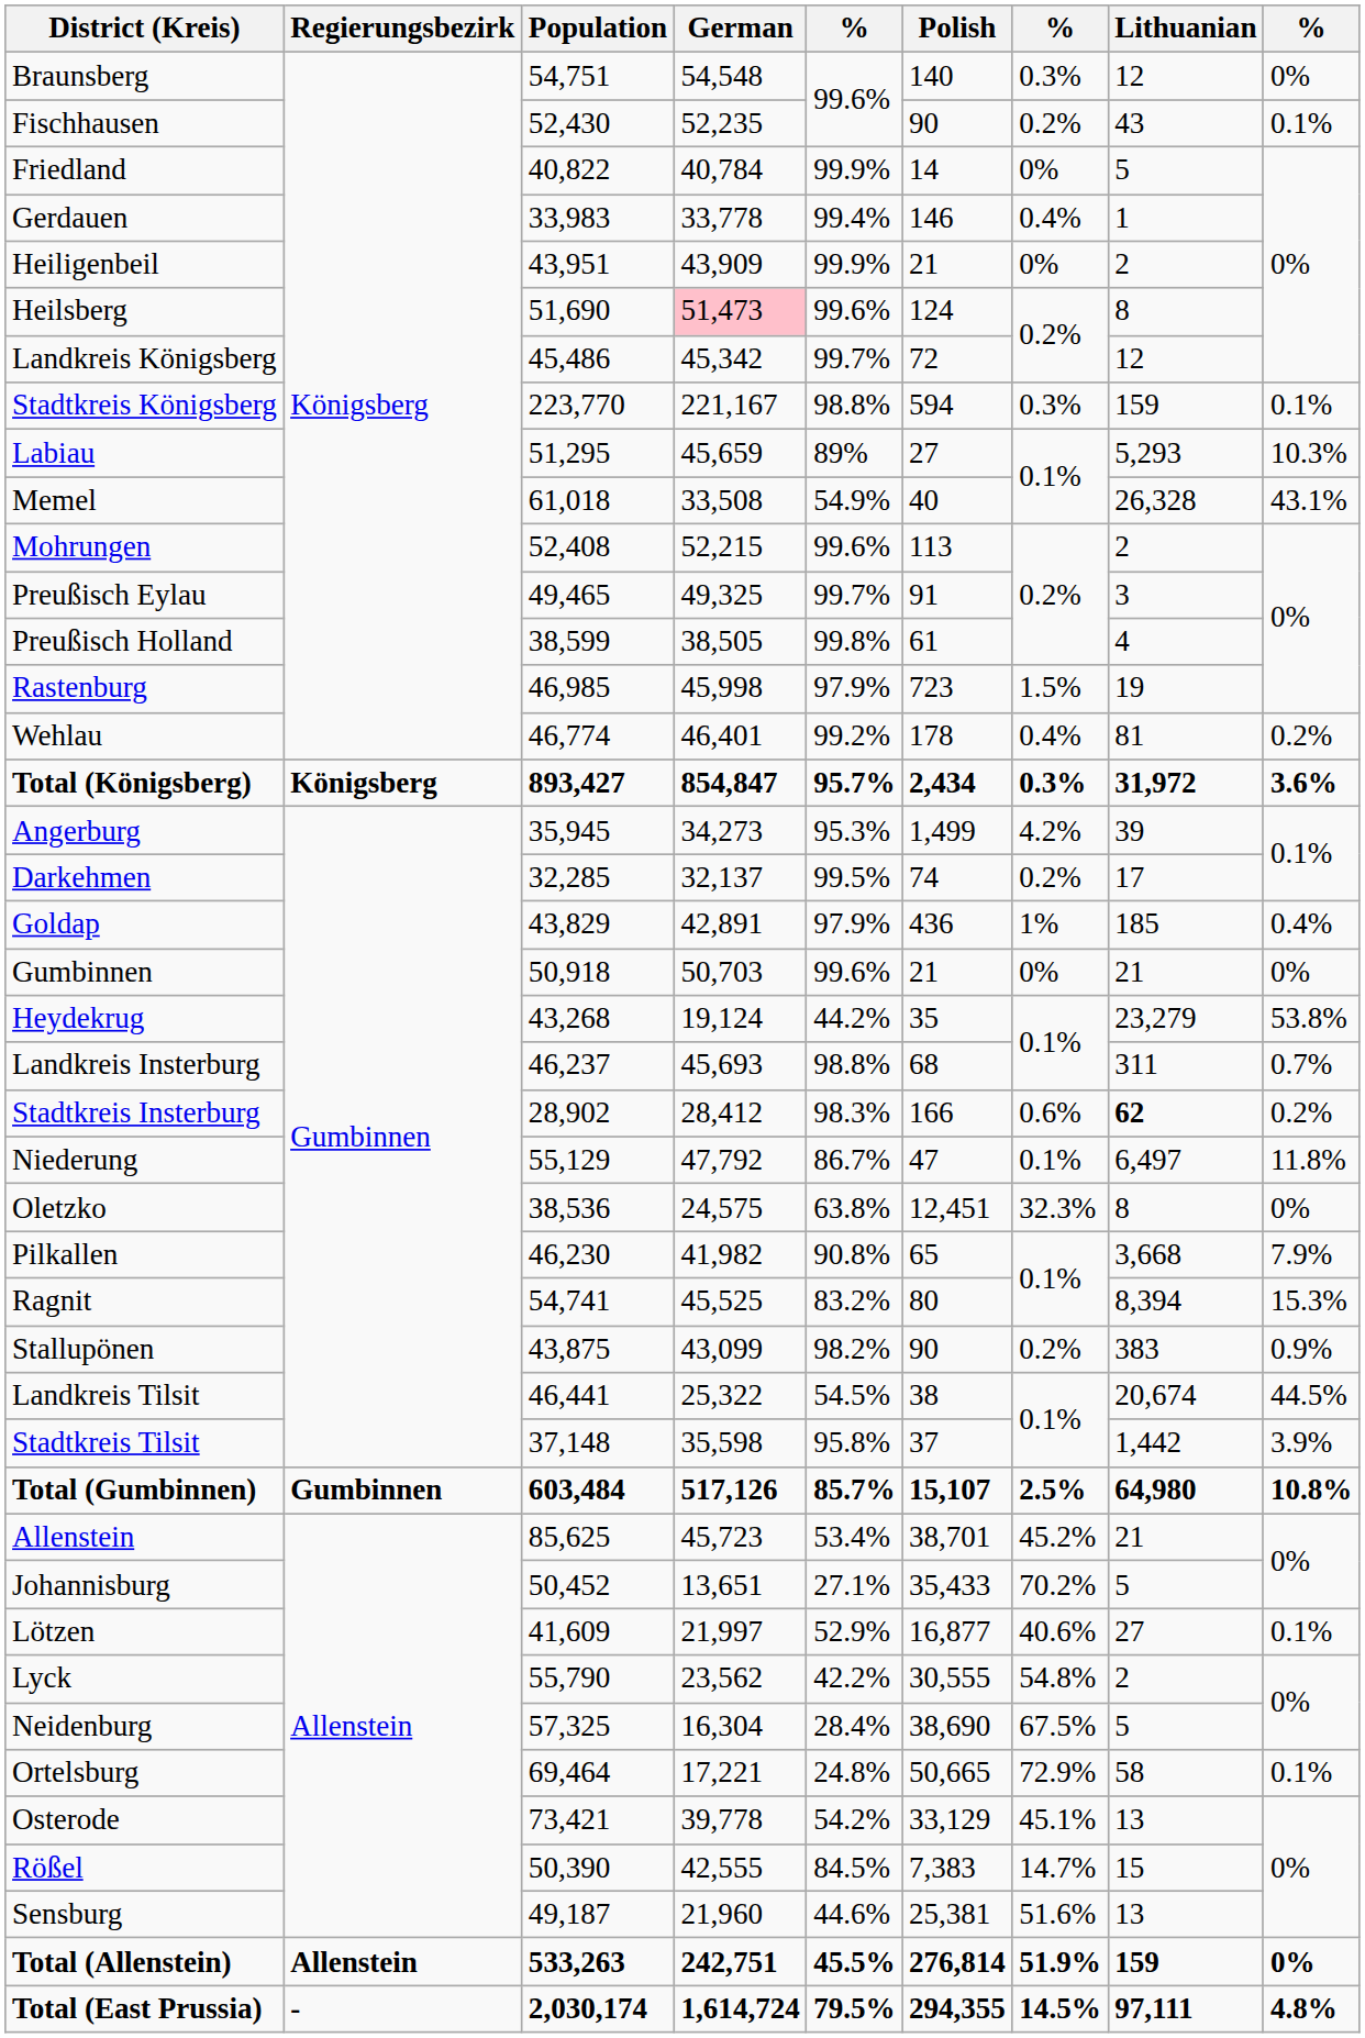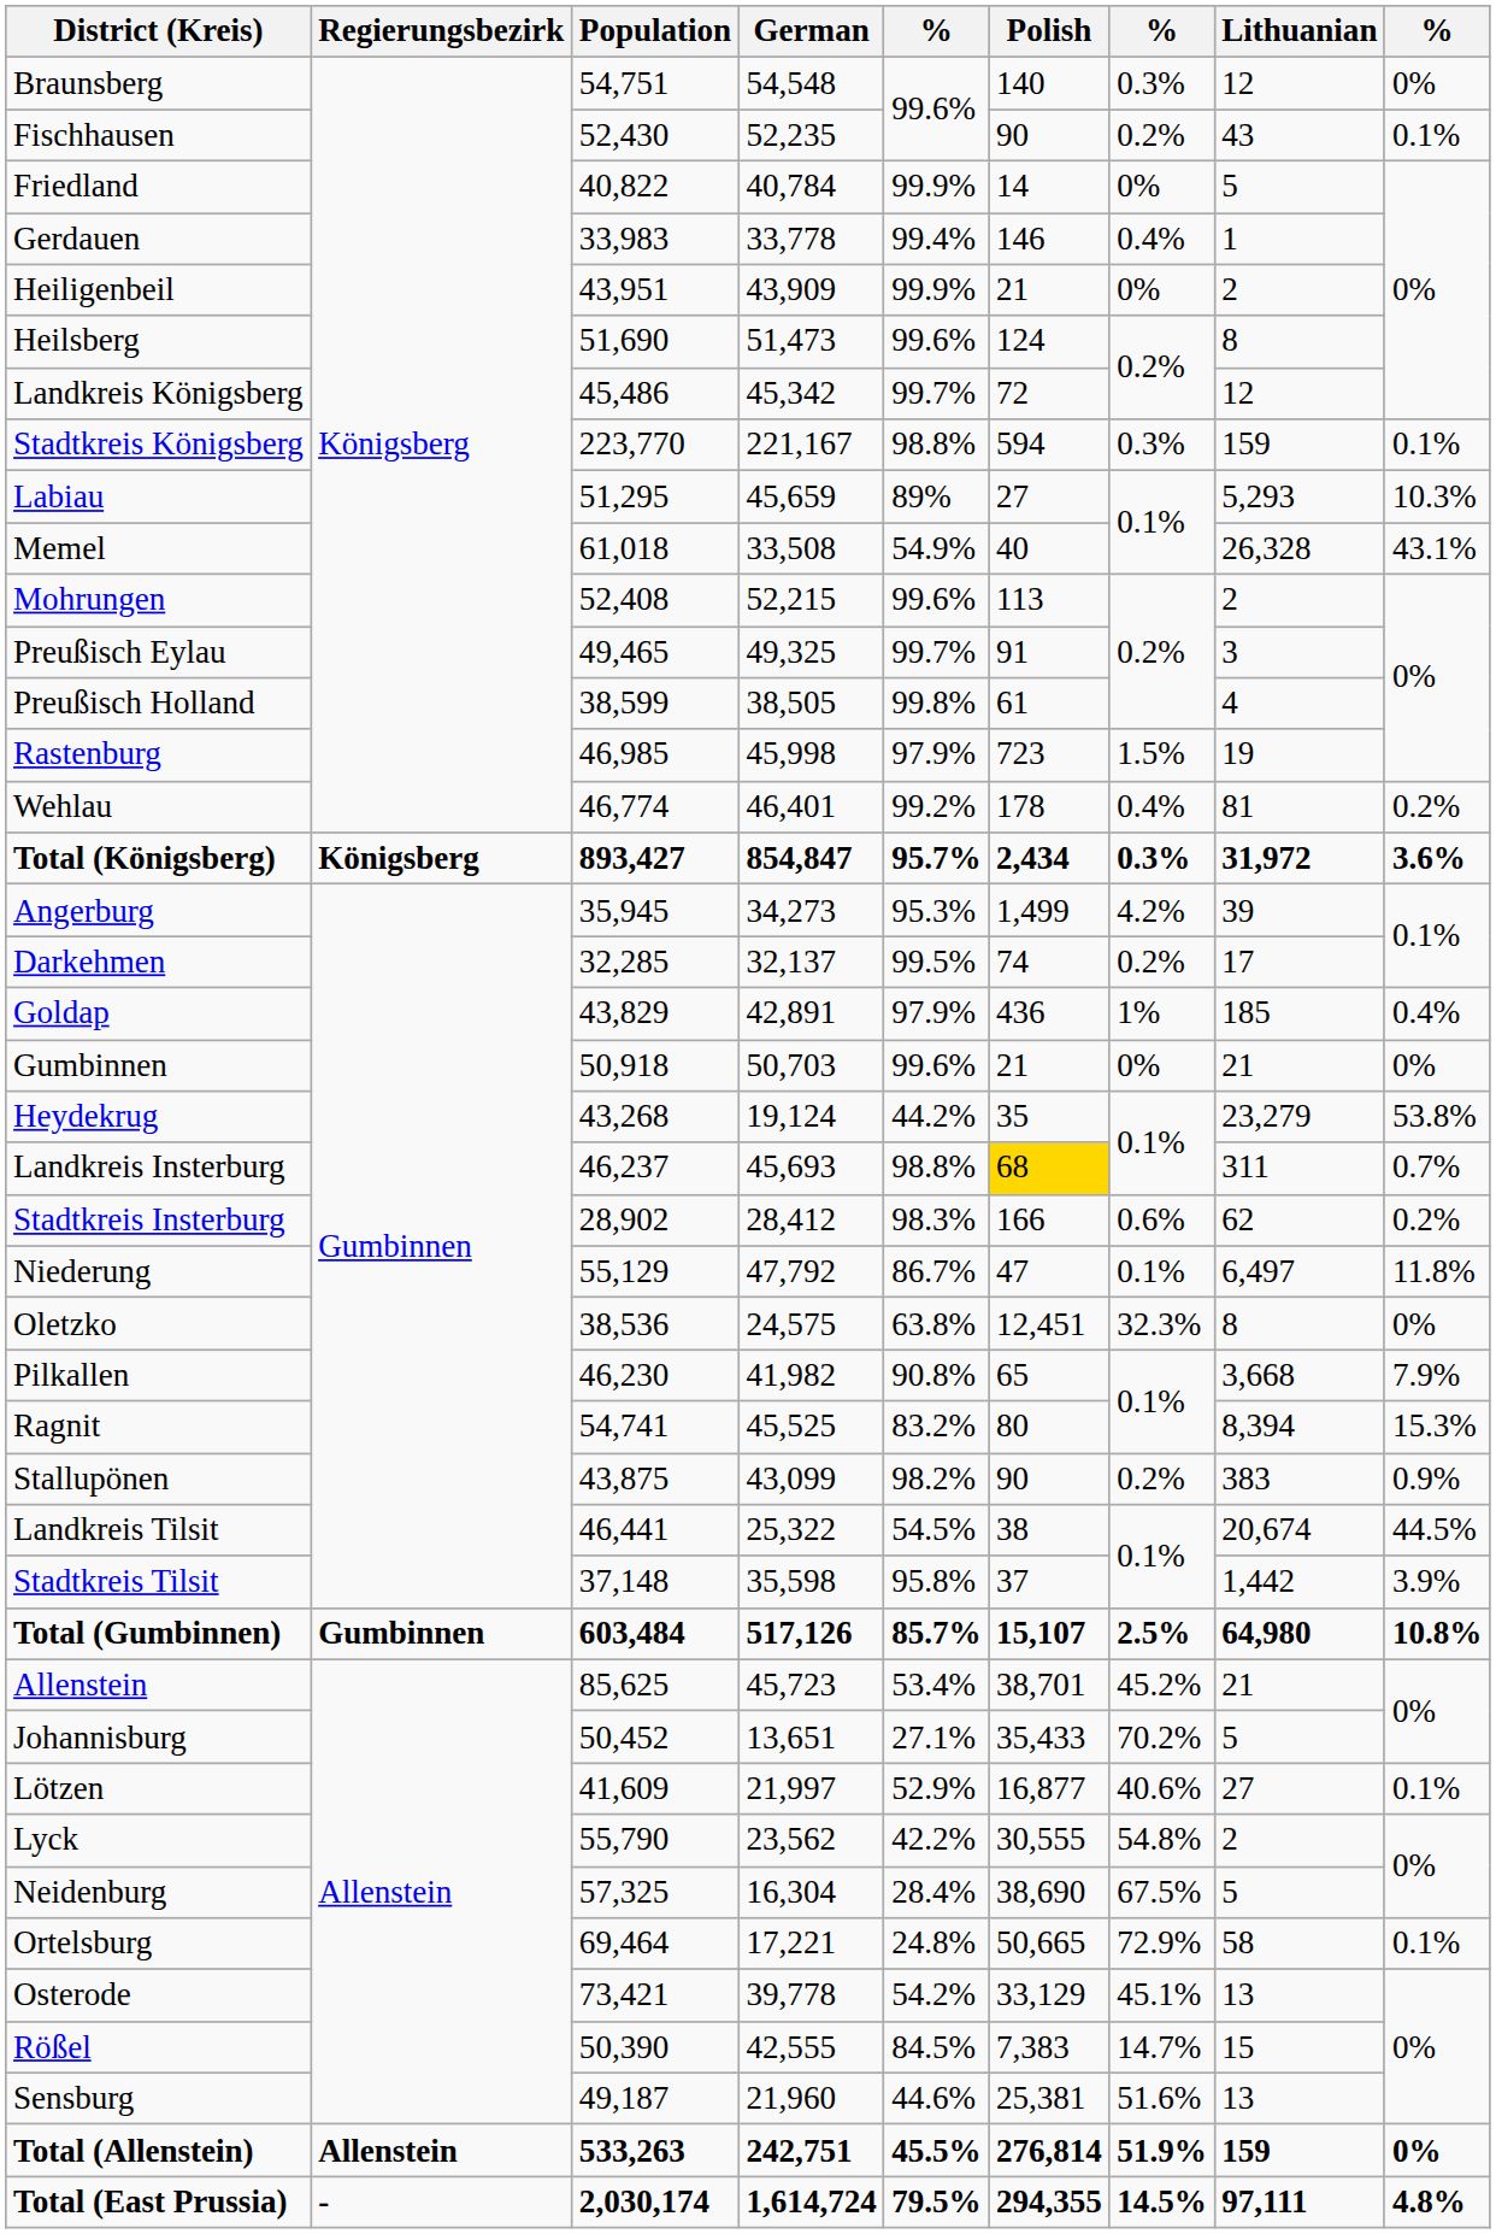 <table class="wikitable sortable">
 <tr>
 <th>District (Kreis)</th>
 <th>Regierungsbezirk</th>
 <th>Population</th>
 <th>German</th>
 <th>%</th>
 <th>Polish</th>
 <th>%</th>
 <th>Lithuanian</th>
 <th>%</th>
 </tr>
 <tr>
 <td>Braunsberg</td>
 <td rowspan="15"><a href='#'>Königsberg</a></td>
 <td>54,751</td>
 <td>54,548</td>
 <td rowspan="2">99.6%</td>
 <td>140</td>
 <td>0.3%</td>
 <td>12</td>
 <td>0%</td>
 </tr>
 <tr>
 <td>Fischhausen</td>
 <td>52,430</td>
 <td>52,235</td>
 <td>90</td>
 <td>0.2%</td>
 <td>43</td>
 <td>0.1%</td>
 </tr>
 <tr>
 <td>Friedland</td>
 <td>40,822</td>
 <td>40,784</td>
 <td>99.9%</td>
 <td>14</td>
 <td>0%</td>
 <td>5</td>
 <td rowspan="5">0%</td>
 </tr>
 <tr>
 <td>Gerdauen</td>
 <td>33,983</td>
 <td>33,778</td>
 <td>99.4%</td>
 <td>146</td>
 <td>0.4%</td>
 <td>1</td>
 </tr>
 <tr>
 <td>Heiligenbeil</td>
 <td>43,951</td>
 <td>43,909</td>
 <td>99.9%</td>
 <td>21</td>
 <td>0%</td>
 <td>2</td>
 </tr>
 <tr>
 <td>Heilsberg</td>
 <td>51,690</td>
-<td style="background: pink;">51,473</td>
+<td>51,473</td>
 <td>99.6%</td>
 <td>124</td>
 <td rowspan="2">0.2%</td>
 <td>8</td>
 </tr>
 <tr>
 <td>Landkreis Königsberg</td>
 <td>45,486</td>
 <td>45,342</td>
 <td>99.7%</td>
 <td>72</td>
 <td>12</td>
 </tr>
 <tr>
 <td><a href='#'>Stadtkreis Königsberg</a></td>
 <td>223,770</td>
 <td>221,167</td>
 <td>98.8%</td>
 <td>594</td>
 <td>0.3%</td>
 <td>159</td>
 <td>0.1%</td>
 </tr>
 <tr>
 <td><a href='#'>Labiau</a></td>
 <td>51,295</td>
 <td>45,659</td>
 <td>89%</td>
 <td>27</td>
 <td rowspan="2">0.1%</td>
 <td>5,293</td>
 <td>10.3%</td>
 </tr>
 <tr>
 <td>Memel</td>
 <td>61,018</td>
 <td>33,508</td>
 <td>54.9%</td>
 <td>40</td>
 <td>26,328</td>
 <td>43.1%</td>
 </tr>
 <tr>
 <td><a href='#'>Mohrungen</a></td>
 <td>52,408</td>
 <td>52,215</td>
 <td>99.6%</td>
 <td>113</td>
 <td rowspan="3">0.2%</td>
 <td>2</td>
 <td rowspan="4">0%</td>
 </tr>
 <tr>
 <td>Preußisch Eylau</td>
 <td>49,465</td>
 <td>49,325</td>
 <td>99.7%</td>
 <td>91</td>
 <td>3</td>
 </tr>
 <tr>
 <td>Preußisch Holland</td>
 <td>38,599</td>
 <td>38,505</td>
 <td>99.8%</td>
 <td>61</td>
 <td>4</td>
 </tr>
 <tr>
 <td><a href='#'>Rastenburg</a></td>
 <td>46,985</td>
 <td>45,998</td>
 <td>97.9%</td>
 <td>723</td>
 <td>1.5%</td>
 <td>19</td>
 </tr>
 <tr>
 <td>Wehlau</td>
 <td>46,774</td>
 <td>46,401</td>
 <td>99.2%</td>
 <td>178</td>
 <td>0.4%</td>
 <td>81</td>
 <td>0.2%</td>
 </tr>
 <tr>
 <td><strong>Total (Königsberg)</strong></td>
 <td><strong>Königsberg</strong></td>
 <td><strong>893,427</strong></td>
 <td><strong>854,847</strong></td>
 <td><strong>95.7%</strong></td>
 <td><strong>2,434</strong></td>
 <td><strong>0.3%</strong></td>
 <td><strong>31,972</strong></td>
 <td><strong>3.6%</strong></td>
 </tr>
 <tr>
 <td><a href='#'>Angerburg</a></td>
 <td rowspan="14"><a href='#'>Gumbinnen</a></td>
 <td>35,945</td>
 <td>34,273</td>
 <td>95.3%</td>
 <td>1,499</td>
 <td>4.2%</td>
 <td>39</td>
 <td rowspan="2">0.1%</td>
 </tr>
 <tr>
 <td><a href='#'>Darkehmen</a></td>
 <td>32,285</td>
 <td>32,137</td>
 <td>99.5%</td>
 <td>74</td>
 <td>0.2%</td>
 <td>17</td>
 </tr>
 <tr>
 <td><a href='#'>Goldap</a></td>
 <td>43,829</td>
 <td>42,891</td>
 <td>97.9%</td>
 <td>436</td>
 <td>1%</td>
 <td>185</td>
 <td>0.4%</td>
 </tr>
 <tr>
 <td>Gumbinnen</td>
 <td>50,918</td>
 <td>50,703</td>
 <td>99.6%</td>
 <td>21</td>
 <td>0%</td>
 <td>21</td>
 <td>0%</td>
 </tr>
 <tr>
 <td><a href='#'>Heydekrug</a></td>
 <td>43,268</td>
 <td>19,124</td>
 <td>44.2%</td>
 <td>35</td>
 <td rowspan="2">0.1%</td>
 <td>23,279</td>
 <td>53.8%</td>
 </tr>
 <tr>
 <td>Landkreis Insterburg</td>
 <td>46,237</td>
 <td>45,693</td>
 <td>98.8%</td>
-<td>68</td>
+<td style="background: gold;">68</td>
 <td>311</td>
 <td>0.7%</td>
 </tr>
 <tr>
 <td><a href='#'>Stadtkreis Insterburg</a></td>
 <td>28,902</td>
 <td>28,412</td>
 <td>98.3%</td>
 <td>166</td>
 <td>0.6%</td>
-<td><strong>62</strong></td>
+<td>62</td>
 <td>0.2%</td>
 </tr>
 <tr>
 <td>Niederung</td>
 <td>55,129</td>
 <td>47,792</td>
 <td>86.7%</td>
 <td>47</td>
 <td>0.1%</td>
 <td>6,497</td>
 <td>11.8%</td>
 </tr>
 <tr>
 <td>Oletzko</td>
 <td>38,536</td>
 <td>24,575</td>
 <td>63.8%</td>
 <td>12,451</td>
 <td>32.3%</td>
 <td>8</td>
 <td>0%</td>
 </tr>
 <tr>
 <td>Pilkallen</td>
 <td>46,230</td>
 <td>41,982</td>
 <td>90.8%</td>
 <td>65</td>
 <td rowspan="2">0.1%</td>
 <td>3,668</td>
 <td>7.9%</td>
 </tr>
 <tr>
 <td>Ragnit</td>
 <td>54,741</td>
 <td>45,525</td>
 <td>83.2%</td>
 <td>80</td>
 <td>8,394</td>
 <td>15.3%</td>
 </tr>
 <tr>
 <td>Stallupönen</td>
 <td>43,875</td>
 <td>43,099</td>
 <td>98.2%</td>
 <td>90</td>
 <td>0.2%</td>
 <td>383</td>
 <td>0.9%</td>
 </tr>
 <tr>
 <td>Landkreis Tilsit</td>
 <td>46,441</td>
 <td>25,322</td>
 <td>54.5%</td>
 <td>38</td>
 <td rowspan="2">0.1%</td>
 <td>20,674</td>
 <td>44.5%</td>
 </tr>
 <tr>
 <td><a href='#'>Stadtkreis Tilsit</a></td>
 <td>37,148</td>
 <td>35,598</td>
 <td>95.8%</td>
 <td>37</td>
 <td>1,442</td>
 <td>3.9%</td>
 </tr>
 <tr>
 <td><strong>Total (Gumbinnen)</strong></td>
 <td><strong>Gumbinnen</strong></td>
 <td><strong>603,484</strong></td>
 <td><strong>517,126</strong></td>
 <td><strong>85.7%</strong></td>
 <td><strong>15,107</strong></td>
 <td><strong>2.5%</strong></td>
 <td><strong>64,980</strong></td>
 <td><strong>10.8%</strong></td>
 </tr>
 <tr>
 <td><a href='#'>Allenstein</a></td>
 <td rowspan="9"><a href='#'>Allenstein</a></td>
 <td>85,625</td>
 <td>45,723</td>
 <td>53.4%</td>
 <td>38,701</td>
 <td>45.2%</td>
 <td>21</td>
 <td rowspan="2">0%</td>
 </tr>
 <tr>
 <td>Johannisburg</td>
 <td>50,452</td>
 <td>13,651</td>
 <td>27.1%</td>
 <td>35,433</td>
 <td>70.2%</td>
 <td>5</td>
 </tr>
 <tr>
 <td>Lötzen</td>
 <td>41,609</td>
 <td>21,997</td>
 <td>52.9%</td>
 <td>16,877</td>
 <td>40.6%</td>
 <td>27</td>
 <td>0.1%</td>
 </tr>
 <tr>
 <td>Lyck</td>
 <td>55,790</td>
 <td>23,562</td>
 <td>42.2%</td>
 <td>30,555</td>
 <td>54.8%</td>
 <td>2</td>
 <td rowspan="2">0%</td>
 </tr>
 <tr>
 <td>Neidenburg</td>
 <td>57,325</td>
 <td>16,304</td>
 <td>28.4%</td>
 <td>38,690</td>
 <td>67.5%</td>
 <td>5</td>
 </tr>
 <tr>
 <td>Ortelsburg</td>
 <td>69,464</td>
 <td>17,221</td>
 <td>24.8%</td>
 <td>50,665</td>
 <td>72.9%</td>
 <td>58</td>
 <td>0.1%</td>
 </tr>
 <tr>
 <td>Osterode</td>
 <td>73,421</td>
 <td>39,778</td>
 <td>54.2%</td>
 <td>33,129</td>
 <td>45.1%</td>
 <td>13</td>
 <td rowspan="3">0%</td>
 </tr>
 <tr>
 <td><a href='#'>Rößel</a></td>
 <td>50,390</td>
 <td>42,555</td>
 <td>84.5%</td>
 <td>7,383</td>
 <td>14.7%</td>
 <td>15</td>
 </tr>
 <tr>
 <td>Sensburg</td>
 <td>49,187</td>
 <td>21,960</td>
 <td>44.6%</td>
 <td>25,381</td>
 <td>51.6%</td>
 <td>13</td>
 </tr>
 <tr>
 <td><strong>Total (Allenstein)</strong></td>
 <td><strong>Allenstein</strong></td>
 <td><strong>533,263</strong></td>
 <td><strong>242,751</strong></td>
 <td><strong>45.5%</strong></td>
 <td><strong>276,814</strong></td>
 <td><strong>51.9%</strong></td>
 <td><strong>159</strong></td>
 <td><strong>0%</strong></td>
 </tr>
 <tr>
 <td><strong>Total (East Prussia)</strong></td>
 <td><strong>-</strong></td>
 <td><strong>2,030,174</strong></td>
 <td><strong>1,614,724</strong></td>
 <td><strong>79.5%</strong></td>
 <td><strong>294,355</strong></td>
 <td><strong>14.5%</strong></td>
 <td><strong>97,111</strong></td>
 <td><strong>4.8%</strong></td>
 </tr>
 </table>
